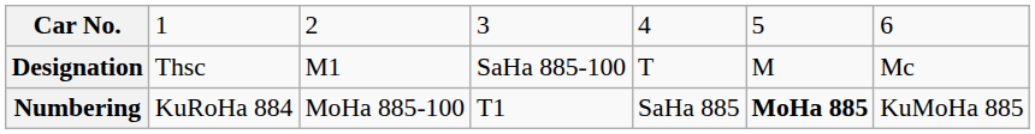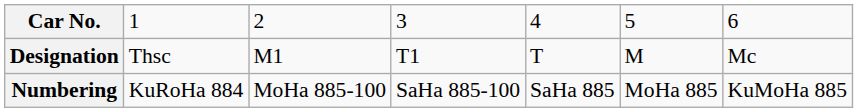 <table class="wikitable">
 <tr>
 <th>Car No.</th>
 <td>1</td>
 <td>2</td>
 <td>3</td>
 <td>4</td>
 <td>5</td>
 <td>6</td>
 </tr>
 <tr>
 <th>Designation</th>
 <td>Thsc</td>
 <td>M1</td>
-<td>SaHa 885-100</td>
+<td>T1</td>
 <td>T</td>
 <td>M</td>
 <td>Mc</td>
 </tr>
 <tr>
 <th>Numbering</th>
 <td>KuRoHa 884</td>
 <td>MoHa 885-100</td>
-<td>T1</td>
+<td>SaHa 885-100</td>
 <td>SaHa 885</td>
-<td><strong>MoHa 885</strong></td>
+<td>MoHa 885</td>
 <td>KuMoHa 885</td>
 </tr>
 </table>
